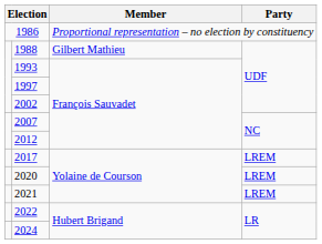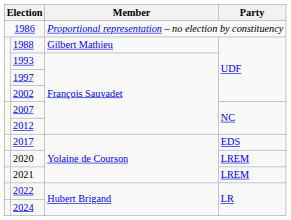 <table class="wikitable">
 <tr>
 <th colspan="2">Election</th>
 <th>Member</th>
 <th>Party</th>
 </tr>
 <tr>
 <td colspan="2" align="center"><a href='#'>1986</a></td>
 <td colspan="2"><em><a href='#'>Proportional representation</a> – no election by constituency</em></td>
 </tr>
 <tr>
 <td rowspan="4" style="color:inherit;background-color: "></td>
 <td><a href='#'>1988</a></td>
 <td><a href='#'>Gilbert Mathieu</a></td>
 <td rowspan="4"><a href='#'>UDF</a></td>
 </tr>
 <tr>
 <td><a href='#'>1993</a></td>
 <td rowspan="5"><a href='#'>François Sauvadet</a></td>
 </tr>
 <tr>
 <td><a href='#'>1997</a></td>
 </tr>
 <tr>
 <td><a href='#'>2002</a></td>
 </tr>
 <tr>
 <td rowspan="2" style="color:inherit;background-color: "></td>
 <td><a href='#'>2007</a></td>
 <td rowspan="2"><a href='#'>NC</a></td>
 </tr>
 <tr>
 <td><a href='#'>2012</a></td>
 </tr>
 <tr>
 <td style="color:inherit;background-color: "></td>
 <td><a href='#'>2017</a></td>
 <td rowspan="3"><a href='#'>Yolaine de Courson</a></td>
-<td><a href='#'>LREM</a></td>
+<td><a href='#'>EDS</a></td>
 </tr>
 <tr>
 <td style="color:inherit;background-color: "></td>
 <td>2020</td>
 <td><a href='#'>LREM</a></td>
 </tr>
 <tr>
 <td style="color:inherit;background-color: "></td>
 <td>2021</td>
 <td><a href='#'>LREM</a></td>
 </tr>
 <tr>
 <td style="color:inherit;background-color: "></td>
 <td><a href='#'>2022</a></td>
 <td rowspan="2"><a href='#'>Hubert Brigand</a></td>
 <td rowspan="2"><a href='#'>LR</a></td>
 </tr>
 <tr>
 <td style="color:inherit;background-color: "></td>
 <td><a href='#'>2024</a></td>
 </tr>
 </table>
